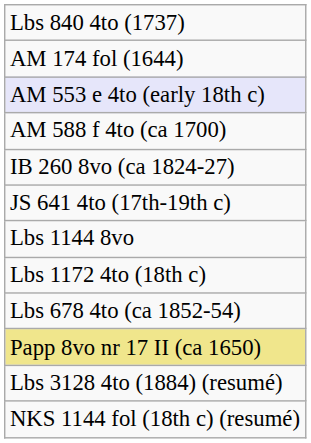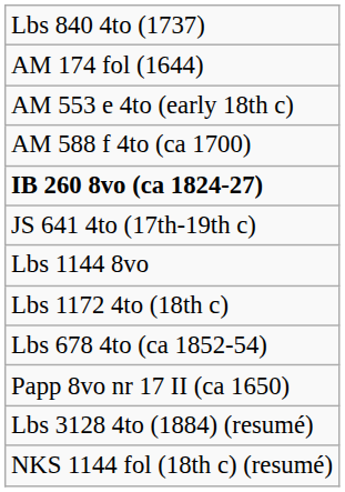 <table class="wikitable">
 <tr>
 <td>Lbs 840 4to (1737)</td>
 </tr>
 <tr>
 <td>AM 174 fol (1644)</td>
 </tr>
 <tr>
-<td style="background: lavender;">AM 553 e 4to (early 18th c)</td>
+<td>AM 553 e 4to (early 18th c)</td>
 </tr>
 <tr>
 <td>AM 588 f 4to (ca 1700)</td>
 </tr>
 <tr>
-<td>IB 260 8vo (ca 1824-27)</td>
+<td><strong>IB 260 8vo (ca 1824-27)</strong></td>
 </tr>
 <tr>
 <td>JS 641 4to (17th-19th c)</td>
 </tr>
 <tr>
 <td>Lbs 1144 8vo</td>
 </tr>
 <tr>
 <td>Lbs 1172 4to (18th c)</td>
 </tr>
 <tr>
 <td>Lbs 678 4to (ca 1852-54)</td>
 </tr>
 <tr>
-<td style="background: khaki;">Papp 8vo nr 17 II (ca 1650)</td>
+<td>Papp 8vo nr 17 II (ca 1650)</td>
 </tr>
 <tr>
 <td>Lbs 3128 4to (1884) (resumé)</td>
 </tr>
 <tr>
 <td>NKS 1144 fol (18th c) (resumé)</td>
 </tr>
 </table>
